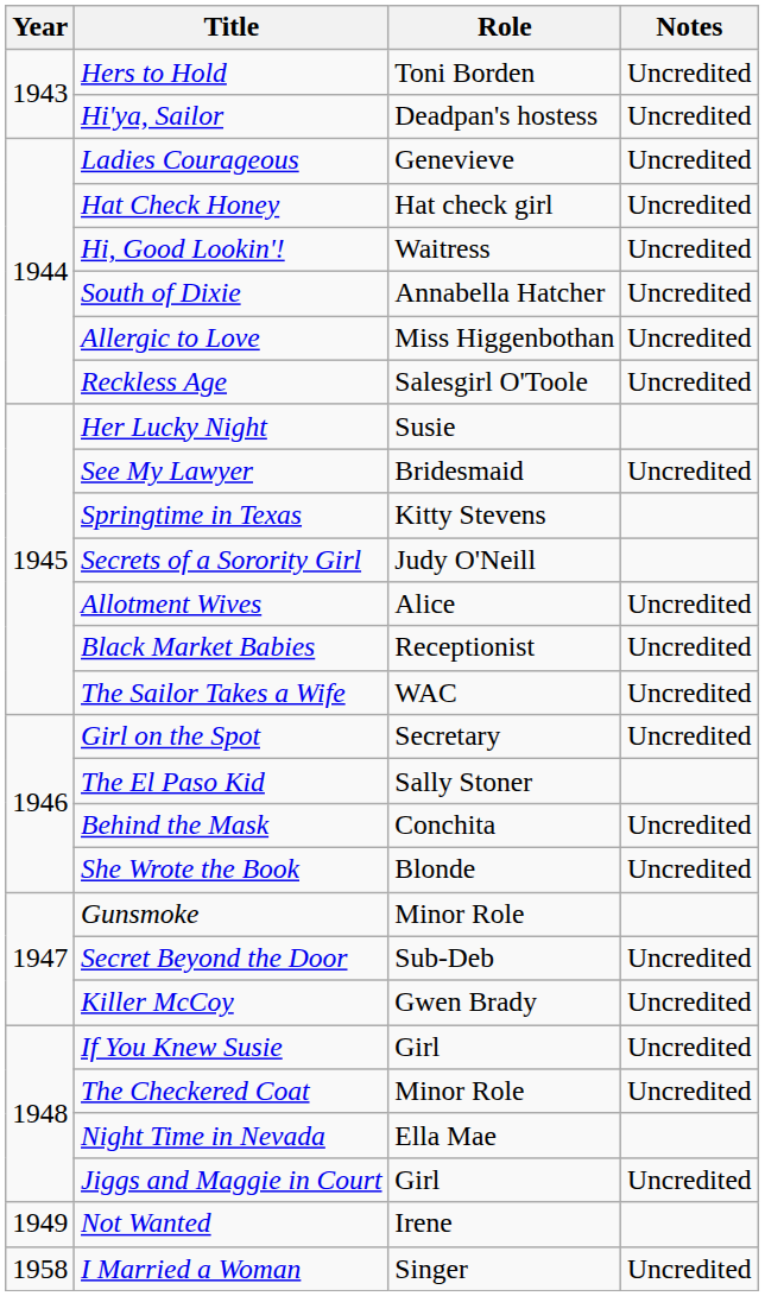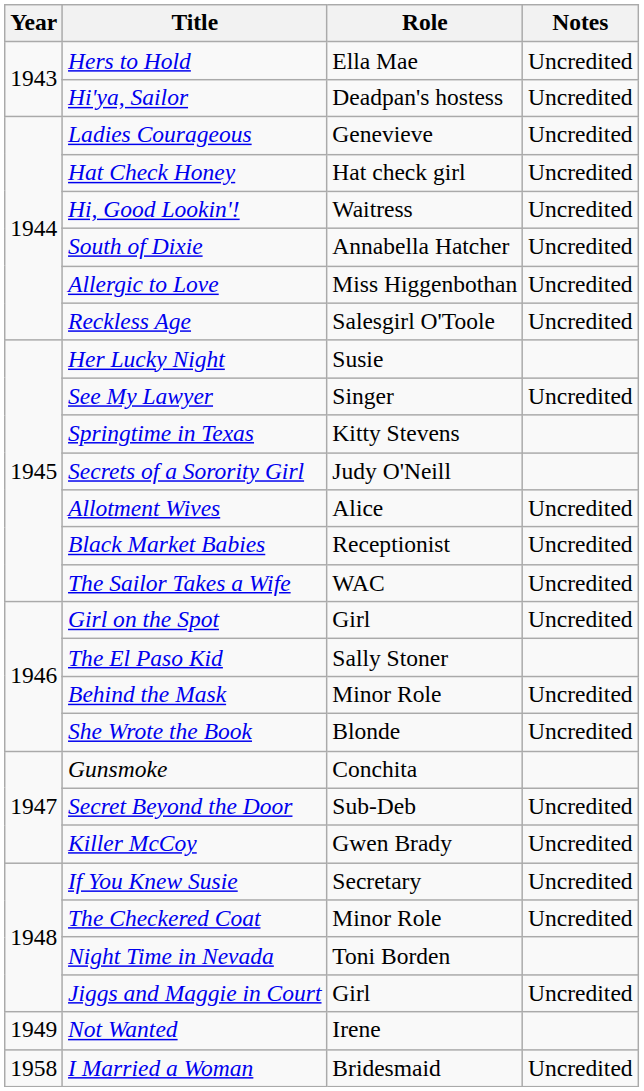 <table class="wikitable">
 <tr>
 <th>Year</th>
 <th>Title</th>
 <th>Role</th>
 <th>Notes</th>
 </tr>
 <tr>
 <td rowspan=2>1943</td>
 <td><em><a href='#'>Hers to Hold</a></em></td>
-<td>Toni Borden</td>
+<td>Ella Mae</td>
 <td>Uncredited</td>
 </tr>
 <tr>
 <td><em><a href='#'>Hi'ya, Sailor</a></em></td>
 <td>Deadpan's hostess</td>
 <td>Uncredited</td>
 </tr>
 <tr>
 <td rowspan=6>1944</td>
 <td><em><a href='#'>Ladies Courageous</a></em></td>
 <td>Genevieve</td>
 <td>Uncredited</td>
 </tr>
 <tr>
 <td><em><a href='#'>Hat Check Honey</a></em></td>
 <td>Hat check girl</td>
 <td>Uncredited</td>
 </tr>
 <tr>
 <td><em><a href='#'>Hi, Good Lookin'!</a></em></td>
 <td>Waitress</td>
 <td>Uncredited</td>
 </tr>
 <tr>
 <td><em><a href='#'>South of Dixie</a></em></td>
 <td>Annabella Hatcher</td>
 <td>Uncredited</td>
 </tr>
 <tr>
 <td><em><a href='#'>Allergic to Love</a></em></td>
 <td>Miss Higgenbothan</td>
 <td>Uncredited</td>
 </tr>
 <tr>
 <td><em><a href='#'>Reckless Age</a></em></td>
 <td>Salesgirl O'Toole</td>
 <td>Uncredited</td>
 </tr>
 <tr>
 <td rowspan=7>1945</td>
 <td><em><a href='#'>Her Lucky Night</a></em></td>
 <td>Susie</td>
 <td></td>
 </tr>
 <tr>
 <td><em><a href='#'>See My Lawyer</a></em></td>
-<td>Bridesmaid</td>
+<td>Singer</td>
 <td>Uncredited</td>
 </tr>
 <tr>
 <td><em><a href='#'>Springtime in Texas</a></em></td>
 <td>Kitty Stevens</td>
 <td></td>
 </tr>
 <tr>
 <td><em><a href='#'>Secrets of a Sorority Girl</a></em></td>
 <td>Judy O'Neill</td>
 <td></td>
 </tr>
 <tr>
 <td><em><a href='#'>Allotment Wives</a></em></td>
 <td>Alice</td>
 <td>Uncredited</td>
 </tr>
 <tr>
 <td><em><a href='#'>Black Market Babies</a></em></td>
 <td>Receptionist</td>
 <td>Uncredited</td>
 </tr>
 <tr>
 <td><em><a href='#'>The Sailor Takes a Wife</a></em></td>
 <td>WAC</td>
 <td>Uncredited</td>
 </tr>
 <tr>
 <td rowspan=4>1946</td>
 <td><em><a href='#'>Girl on the Spot</a></em></td>
-<td>Secretary</td>
+<td>Girl</td>
 <td>Uncredited</td>
 </tr>
 <tr>
 <td><em><a href='#'>The El Paso Kid</a></em></td>
 <td>Sally Stoner</td>
 <td></td>
 </tr>
 <tr>
 <td><em><a href='#'>Behind the Mask</a></em></td>
-<td>Conchita</td>
+<td>Minor Role</td>
 <td>Uncredited</td>
 </tr>
 <tr>
 <td><em><a href='#'>She Wrote the Book</a></em></td>
 <td>Blonde</td>
 <td>Uncredited</td>
 </tr>
 <tr>
 <td rowspan=3>1947</td>
 <td><em>Gunsmoke</em></td>
-<td>Minor Role</td>
+<td>Conchita</td>
 <td></td>
 </tr>
 <tr>
 <td><em><a href='#'>Secret Beyond the Door</a></em></td>
 <td>Sub-Deb</td>
 <td>Uncredited</td>
 </tr>
 <tr>
 <td><em><a href='#'>Killer McCoy</a></em></td>
 <td>Gwen Brady</td>
 <td>Uncredited</td>
 </tr>
 <tr>
 <td rowspan=4>1948</td>
 <td><em><a href='#'>If You Knew Susie</a></em></td>
-<td>Girl</td>
+<td>Secretary</td>
 <td>Uncredited</td>
 </tr>
 <tr>
 <td><em><a href='#'>The Checkered Coat</a></em></td>
 <td>Minor Role</td>
 <td>Uncredited</td>
 </tr>
 <tr>
 <td><em><a href='#'>Night Time in Nevada</a></em></td>
-<td>Ella Mae</td>
+<td>Toni Borden</td>
 <td></td>
 </tr>
 <tr>
 <td><em><a href='#'>Jiggs and Maggie in Court</a></em></td>
 <td>Girl</td>
 <td>Uncredited</td>
 </tr>
 <tr>
 <td>1949</td>
 <td><em><a href='#'>Not Wanted</a></em></td>
 <td>Irene</td>
 <td></td>
 </tr>
 <tr>
 <td>1958</td>
 <td><em><a href='#'>I Married a Woman</a></em></td>
-<td>Singer</td>
+<td>Bridesmaid</td>
 <td>Uncredited</td>
 </tr>
 </table>
